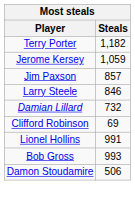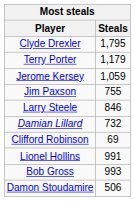 <table class="wikitable sortable" style="text-align:center">
 <tr>
 <th colspan="2" style="text-align:center; ">Most steals</th>
 </tr>
 <tr>
 <th style="text-align:center; ">Player</th>
 <th style="text-align:center; ">Steals</th>
 </tr>
 <tr>
+<td><a href='#'>Clyde Drexler</a></td>
+<td>1,795</td>
+</tr>
+<tr>
 <td><a href='#'>Terry Porter</a></td>
-<td>1,182</td>
+<td>1,179</td>
 </tr>
 <tr>
 <td><a href='#'>Jerome Kersey</a></td>
 <td>1,059</td>
 </tr>
 <tr>
 <td><a href='#'>Jim Paxson</a></td>
-<td>857</td>
+<td>755</td>
 </tr>
 <tr>
 <td><a href='#'>Larry Steele</a></td>
 <td>846</td>
 </tr>
 <tr>
 <td><em><a href='#'>Damian Lillard</a></em></td>
 <td>732</td>
 </tr>
 <tr>
 <td><a href='#'>Clifford Robinson</a></td>
 <td>69</td>
 </tr>
 <tr>
 <td><a href='#'>Lionel Hollins</a></td>
 <td>991</td>
 </tr>
 <tr>
 <td><a href='#'>Bob Gross</a></td>
 <td>993</td>
 </tr>
 <tr>
 <td><a href='#'>Damon Stoudamire</a></td>
 <td>506</td>
 </tr>
 </table>
